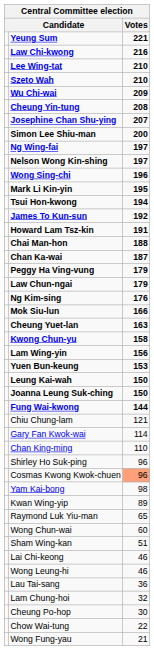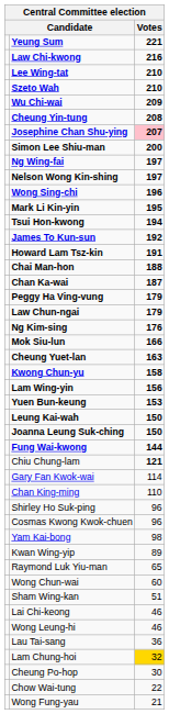 <table class="wikitable" style="text-align:right;font-size:90%">
 <tr>
 <th colspan=3>Central Committee election</th>
 </tr>
 <tr>
 <th colspan=2>Candidate</th>
 <th>Votes</th>
 </tr>
 <tr>
 <td></td>
 <td align=left><strong><a href='#'>Yeung Sum</a></strong></td>
 <td><strong>221</strong></td>
 </tr>
 <tr>
 <td></td>
 <td align=left><strong><a href='#'>Law Chi-kwong</a></strong></td>
 <td><strong>216</strong></td>
 </tr>
 <tr>
 <td></td>
 <td align=left><strong><a href='#'>Lee Wing-tat</a></strong></td>
 <td><strong>210</strong></td>
 </tr>
 <tr>
 <td></td>
 <td align=left><strong><a href='#'>Szeto Wah</a></strong></td>
 <td><strong>210</strong></td>
 </tr>
 <tr>
 <td></td>
 <td align=left><strong><a href='#'>Wu Chi-wai</a></strong></td>
 <td><strong>209</strong></td>
 </tr>
 <tr>
 <td></td>
 <td align=left><strong><a href='#'>Cheung Yin-tung</a></strong></td>
 <td><strong>208</strong></td>
 </tr>
 <tr>
 <td></td>
 <td align=left><strong><a href='#'>Josephine Chan Shu-ying</a></strong></td>
-<td><strong>207</strong></td>
+<td style="background: pink;"><strong>207</strong></td>
 </tr>
 <tr>
 <td></td>
 <td align=left><strong>Simon Lee Shiu-man</strong></td>
 <td><strong>200</strong></td>
 </tr>
 <tr>
 <td></td>
 <td align=left><strong><a href='#'>Ng Wing-fai</a></strong></td>
 <td><strong>197</strong></td>
 </tr>
 <tr>
 <td></td>
 <td align=left><strong>Nelson Wong Kin-shing</strong></td>
 <td><strong>197</strong></td>
 </tr>
 <tr>
 <td></td>
 <td align=left><strong><a href='#'>Wong Sing-chi</a></strong></td>
 <td><strong>196</strong></td>
 </tr>
 <tr>
 <td></td>
 <td align=left><strong>Mark Li Kin-yin</strong></td>
 <td><strong>195</strong></td>
 </tr>
 <tr>
 <td></td>
 <td align=left><strong>Tsui Hon-kwong</strong></td>
 <td><strong>194</strong></td>
 </tr>
 <tr>
 <td></td>
 <td align=left><strong><a href='#'>James To Kun-sun</a></strong></td>
 <td><strong>192</strong></td>
 </tr>
 <tr>
 <td></td>
 <td align=left><strong>Howard Lam Tsz-kin</strong></td>
 <td><strong>191</strong></td>
 </tr>
 <tr>
 <td></td>
 <td align=left><strong>Chai Man-hon</strong></td>
 <td><strong>188</strong></td>
 </tr>
 <tr>
 <td></td>
 <td align=left><strong>Chan Ka-wai</strong></td>
 <td><strong>187</strong></td>
 </tr>
 <tr>
 <td></td>
 <td align=left><strong>Peggy Ha Ving-vung</strong></td>
 <td><strong>179</strong></td>
 </tr>
 <tr>
 <td></td>
 <td align=left><strong>Law Chun-ngai</strong></td>
 <td><strong>179</strong></td>
 </tr>
 <tr>
 <td></td>
 <td align=left><strong>Ng Kim-sing</strong></td>
 <td><strong>176</strong></td>
 </tr>
 <tr>
 <td></td>
 <td align=left><strong>Mok Siu-lun</strong></td>
 <td><strong>166</strong></td>
 </tr>
 <tr>
 <td></td>
 <td align=left><strong>Cheung Yuet-lan</strong></td>
 <td><strong>163</strong></td>
 </tr>
 <tr>
 <td></td>
 <td align=left><strong><a href='#'>Kwong Chun-yu</a></strong></td>
 <td><strong>158</strong></td>
 </tr>
 <tr>
 <td></td>
 <td align=left><strong>Lam Wing-yin</strong></td>
 <td><strong>156</strong></td>
 </tr>
 <tr>
 <td></td>
 <td align=left><strong>Yuen Bun-keung</strong></td>
 <td><strong>153</strong></td>
 </tr>
 <tr>
 <td></td>
 <td align=left><strong>Leung Kai-wah</strong></td>
 <td><strong>150</strong></td>
 </tr>
 <tr>
 <td></td>
 <td align=left><strong>Joanna Leung Suk-ching</strong></td>
 <td><strong>150</strong></td>
 </tr>
 <tr>
 <td></td>
 <td align=left><strong><a href='#'>Fung Wai-kwong</a></strong></td>
 <td><strong>144</strong></td>
 </tr>
 <tr>
 <td></td>
 <td align=left>Chiu Chung-lam</td>
-<td>121</td>
+<td><strong>121</strong></td>
 </tr>
 <tr>
 <td></td>
 <td align=left><a href='#'>Gary Fan Kwok-wai</a></td>
 <td>114</td>
 </tr>
 <tr>
 <td></td>
 <td align=left><a href='#'>Chan King-ming</a></td>
 <td>110</td>
 </tr>
 <tr>
 <td></td>
 <td align=left>Shirley Ho Suk-ping</td>
 <td>96</td>
 </tr>
 <tr>
 <td></td>
 <td align=left>Cosmas Kwong Kwok-chuen</td>
-<td style="background: lightsalmon;">96</td>
+<td>96</td>
 </tr>
 <tr>
 <td></td>
 <td align=left><a href='#'>Yam Kai-bong</a></td>
 <td>98</td>
 </tr>
 <tr>
 <td></td>
 <td align=left>Kwan Wing-yip</td>
 <td>89</td>
 </tr>
 <tr>
 <td></td>
 <td align=left>Raymond Luk Yiu-man</td>
 <td>65</td>
 </tr>
 <tr>
 <td></td>
 <td align=left>Wong Chun-wai</td>
 <td>60</td>
 </tr>
 <tr>
 <td></td>
 <td align=left>Sham Wing-kan</td>
 <td>51</td>
 </tr>
 <tr>
 <td></td>
 <td align=left>Lai Chi-keong</td>
 <td>46</td>
 </tr>
 <tr>
 <td></td>
 <td align=left>Wong Leung-hi</td>
 <td>46</td>
 </tr>
 <tr>
 <td></td>
 <td align=left>Lau Tai-sang</td>
 <td>36</td>
 </tr>
 <tr>
 <td></td>
 <td align=left>Lam Chung-hoi</td>
-<td>32</td>
+<td style="background: gold;">32</td>
 </tr>
 <tr>
 <td></td>
 <td align=left>Cheung Po-hop</td>
 <td>30</td>
 </tr>
 <tr>
 <td></td>
 <td align=left>Chow Wai-tung</td>
 <td>22</td>
 </tr>
 <tr>
 <td></td>
 <td align=left>Wong Fung-yau</td>
 <td>21</td>
 </tr>
 </table>
